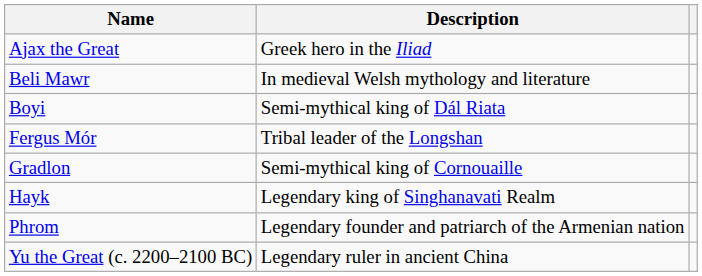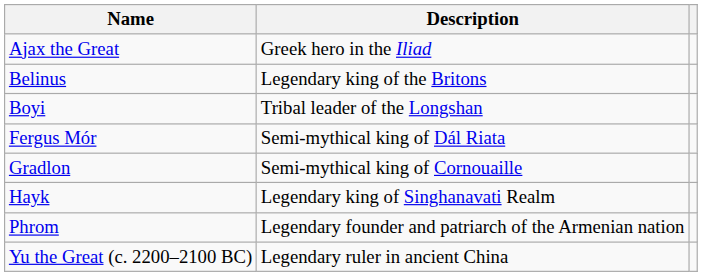 <table class="wikitable sortable">
 <tr>
 <th>Name</th>
 <th>Description</th>
 <th class="unsortable"></th>
 </tr>
 <tr>
 <td><a href='#'>Ajax the Great</a></td>
 <td>Greek hero in the <em><a href='#'>Iliad</a></em></td>
 <td></td>
 </tr>
 <tr>
-<td><a href='#'>Beli Mawr</a></td>
-<td>In medieval Welsh mythology and literature</td>
+<td><a href='#'>Belinus</a></td>
+<td>Legendary king of the <a href='#'>Britons</a></td>
 <td></td>
 </tr>
 <tr>
 <td><a href='#'>Boyi</a></td>
-<td>Semi-mythical king of <a href='#'>Dál Riata</a></td>
+<td>Tribal leader of the <a href='#'>Longshan</a></td>
 <td></td>
 </tr>
 <tr>
 <td><a href='#'>Fergus Mór</a></td>
-<td>Tribal leader of the <a href='#'>Longshan</a></td>
+<td>Semi-mythical king of <a href='#'>Dál Riata</a></td>
 </tr>
 <tr>
 <td><a href='#'>Gradlon</a></td>
 <td>Semi-mythical king of <a href='#'>Cornouaille</a></td>
 <td></td>
 </tr>
 <tr>
 <td><a href='#'>Hayk</a></td>
 <td>Legendary king of <a href='#'>Singhanavati</a> Realm</td>
 <td></td>
 </tr>
 <tr>
 <td><a href='#'>Phrom</a></td>
 <td>Legendary founder and patriarch of the Armenian nation</td>
 <td></td>
 </tr>
 <tr>
 <td><a href='#'>Yu the Great</a> (c. 2200–2100 BC)</td>
 <td>Legendary ruler in ancient China</td>
 <td></td>
 </tr>
 </table>
